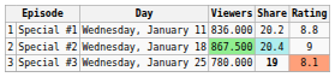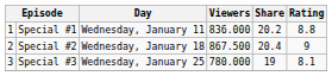 <table class="wikitable sortable centre" style="text-align:center;font-size:90%;">
 <tr>
 <th colspan="2">Episode</th>
 <th>Day</th>
 <th>Viewers</th>
 <th>Share</th>
 <th>Rating</th>
 </tr>
 <tr>
 <td>1</td>
 <td>Special #1</td>
 <td>Wednesday, January 11</td>
 <td>836.000</td>
 <td>20.2</td>
 <td>8.8</td>
 </tr>
 <tr>
 <td>2</td>
 <td>Special #2</td>
 <td>Wednesday, January 18</td>
-<td style="background: lightgreen;">867.500</td>
-<td style="background: paleturquoise;">20.4</td>
+<td>867.500</td>
+<td>20.4</td>
 <td>9</td>
 </tr>
 <tr>
 <td>3</td>
 <td>Special #3</td>
 <td>Wednesday, January 25</td>
 <td>780.000</td>
-<td><strong>19</strong></td>
-<td style="background: lightsalmon;">8.1</td>
+<td>19</td>
+<td>8.1</td>
 </tr>
 <tr>
 </tr>
 </table>
